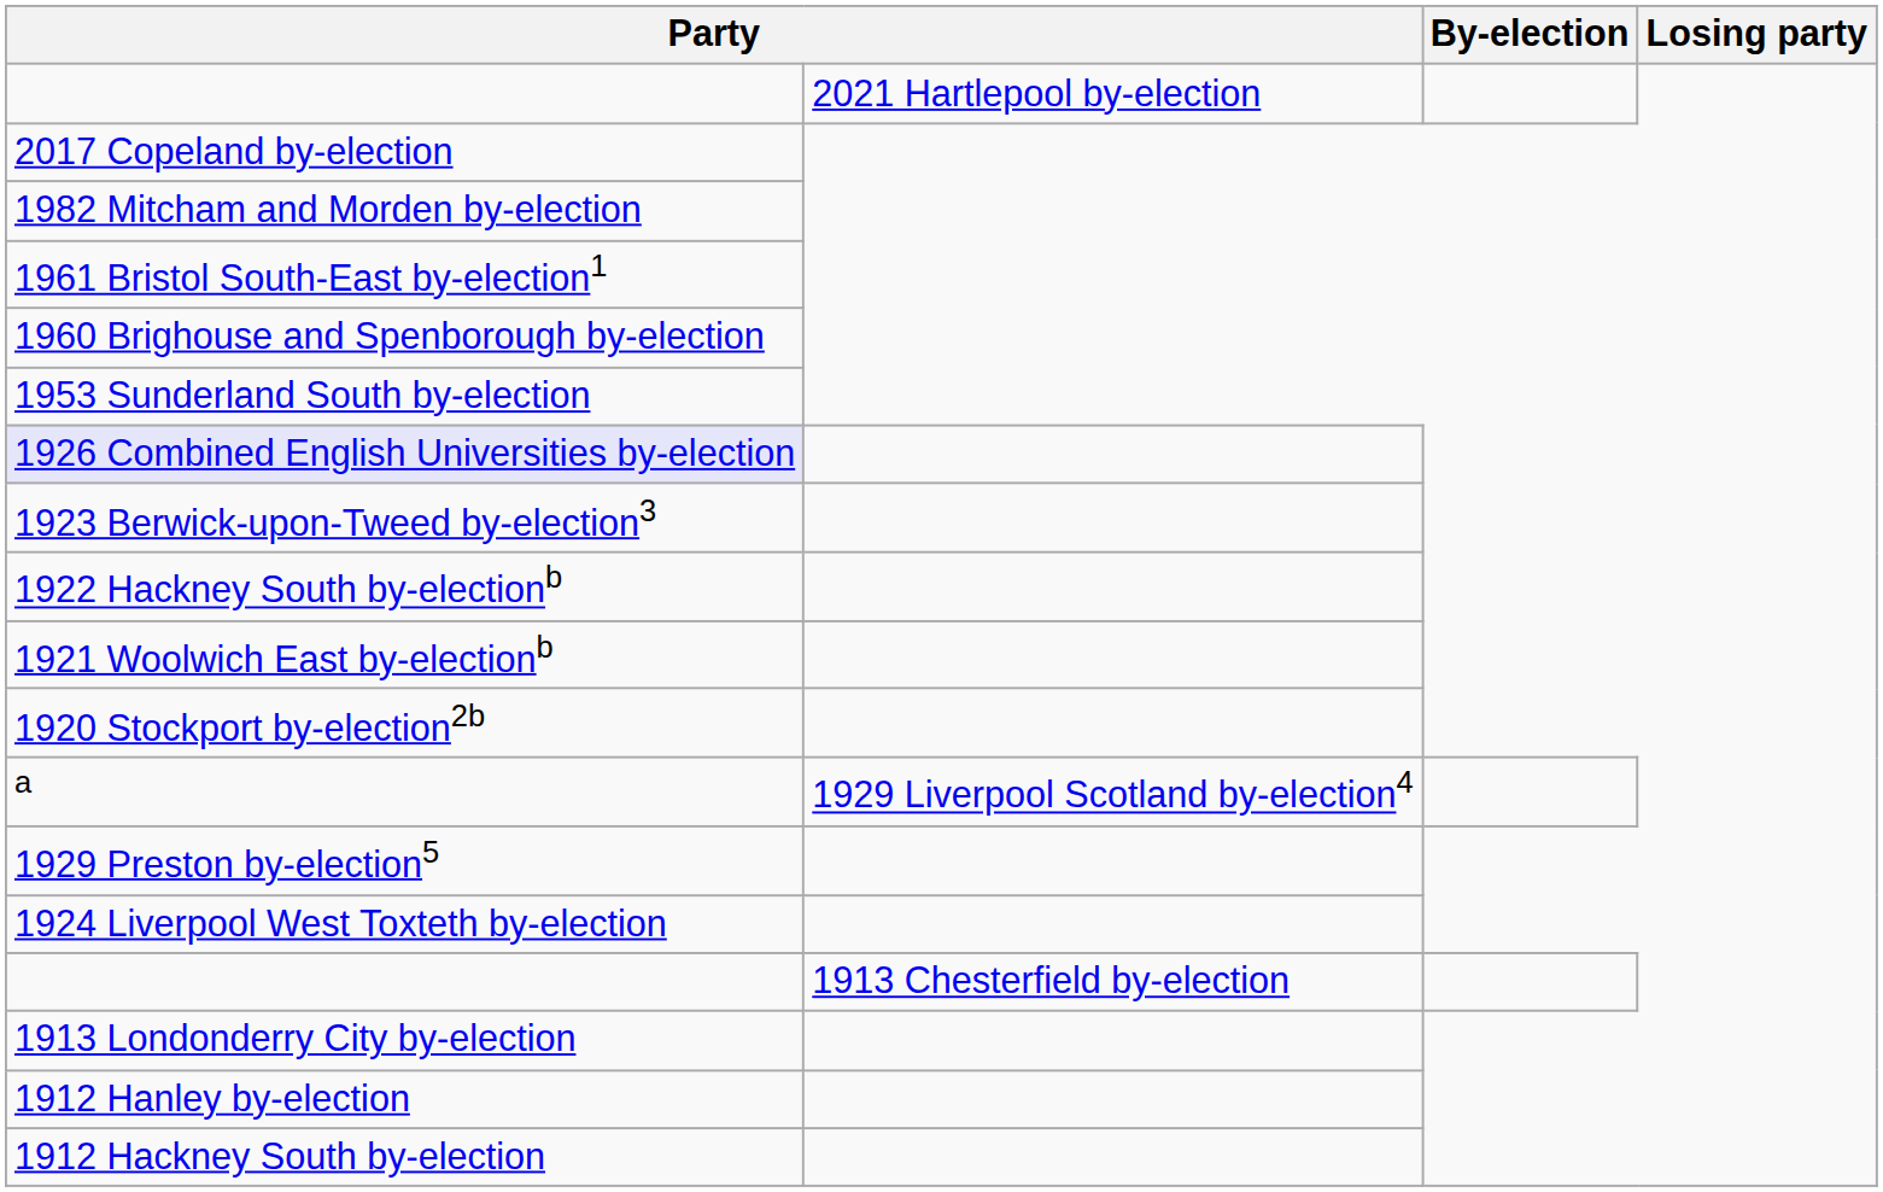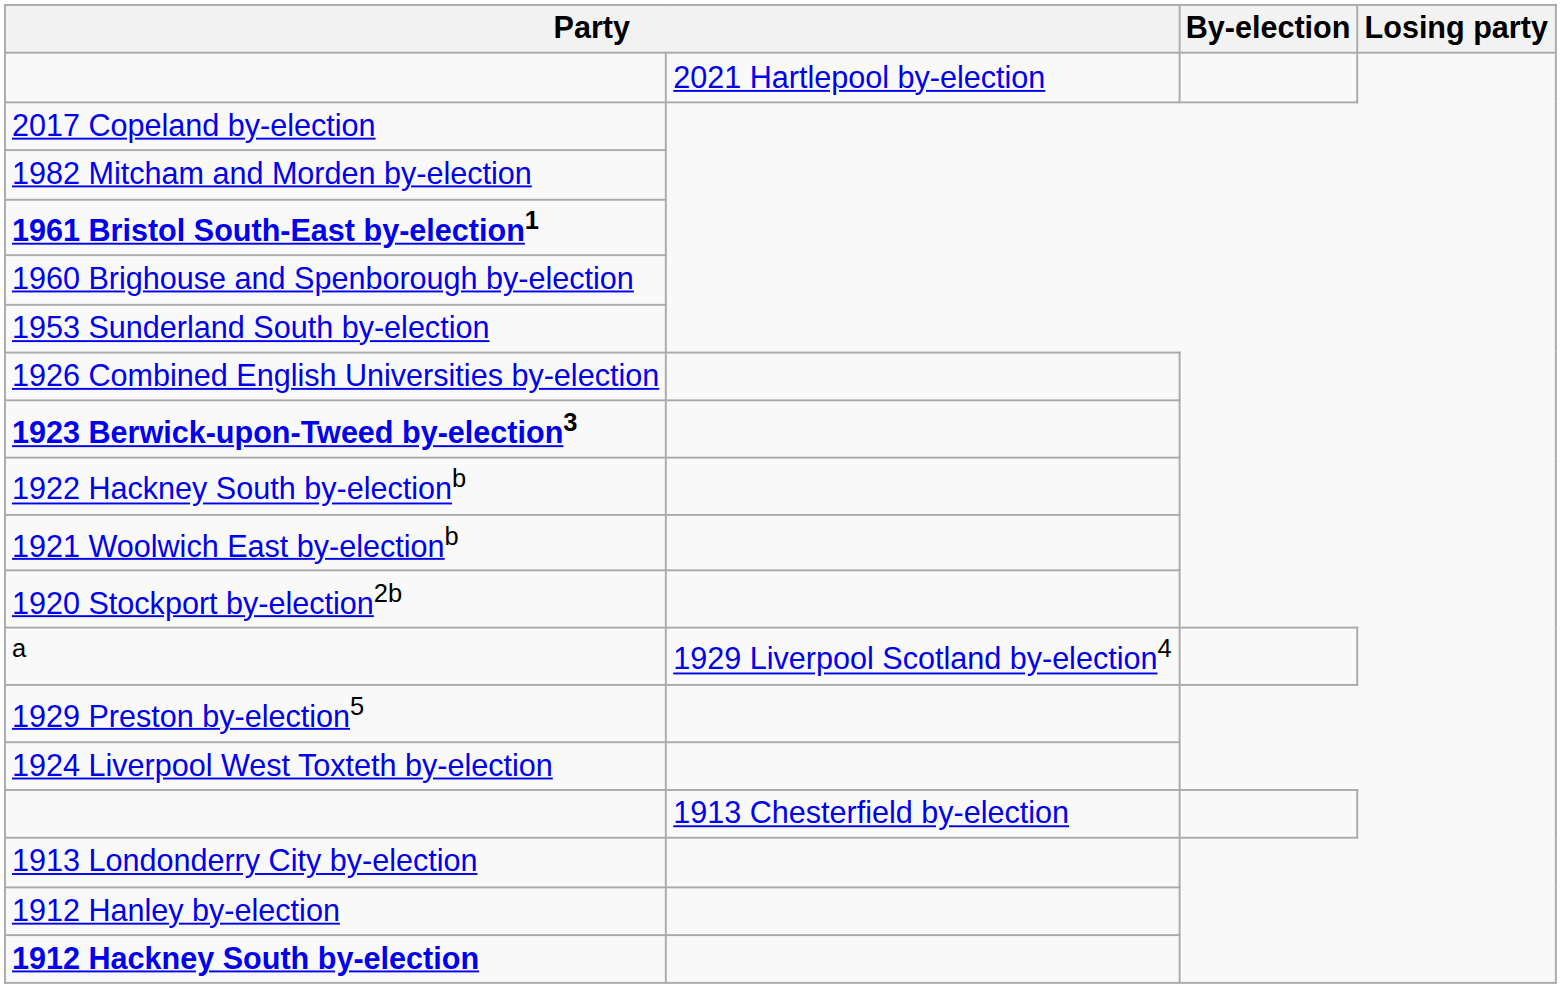 <table class="wikitable">
 <tr>
 <th colspan=2>Party</th>
 <th>By-election</th>
 <th colspan=2>Losing party</th>
 </tr>
 <tr>
 <td></td>
 <td><a href='#'>2021 Hartlepool by-election</a></td>
 <td></td>
 </tr>
 <tr>
 <td><a href='#'>2017 Copeland by-election</a></td>
 </tr>
 <tr>
 <td><a href='#'>1982 Mitcham and Morden by-election</a></td>
 </tr>
 <tr>
-<td><a href='#'>1961 Bristol South-East by-election</a><sup>1</sup></td>
+<td><strong><a href='#'>1961 Bristol South-East by-election</a><sup>1</sup></strong></td>
 </tr>
 <tr>
 <td><a href='#'>1960 Brighouse and Spenborough by-election</a></td>
 </tr>
 <tr>
 <td><a href='#'>1953 Sunderland South by-election</a></td>
 </tr>
 <tr>
-<td style="background: lavender;"><a href='#'>1926 Combined English Universities by-election</a></td>
+<td><a href='#'>1926 Combined English Universities by-election</a></td>
 <td></td>
 </tr>
 <tr>
-<td><a href='#'>1923 Berwick-upon-Tweed by-election</a><sup>3</sup></td>
+<td><strong><a href='#'>1923 Berwick-upon-Tweed by-election</a><sup>3</sup></strong></td>
 <td></td>
 </tr>
 <tr>
 <td><a href='#'>1922 Hackney South by-election</a><sup>b</sup></td>
 <td></td>
 </tr>
 <tr>
 <td><a href='#'>1921 Woolwich East by-election</a><sup>b</sup></td>
 <td></td>
 </tr>
 <tr>
 <td><a href='#'>1920 Stockport by-election</a><sup>2b</sup></td>
 <td></td>
 </tr>
 <tr>
 <td><sup>a</sup></td>
 <td><a href='#'>1929 Liverpool Scotland by-election</a><sup>4</sup></td>
 <td></td>
 </tr>
 <tr>
 <td><a href='#'>1929 Preston by-election</a><sup>5</sup></td>
 <td></td>
 </tr>
 <tr>
 <td><a href='#'>1924 Liverpool West Toxteth by-election</a></td>
 <td></td>
 </tr>
 <tr>
 <td></td>
 <td><a href='#'>1913 Chesterfield by-election</a></td>
 <td></td>
 </tr>
 <tr>
 <td><a href='#'>1913 Londonderry City by-election</a></td>
 <td></td>
 </tr>
 <tr>
 <td><a href='#'>1912 Hanley by-election</a></td>
 <td></td>
 </tr>
 <tr>
-<td><a href='#'>1912 Hackney South by-election</a></td>
+<td><strong><a href='#'>1912 Hackney South by-election</a></strong></td>
 <td></td>
 </tr>
 </table>
